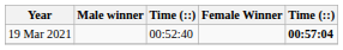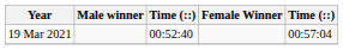 <table class="wikitable sortable">
 <tr>
 <th>Year</th>
 <th>Male winner</th>
 <th>Time (::)</th>
 <th>Female Winner</th>
 <th>Time (::)</th>
 </tr>
 <tr>
 <td>19 Mar 2021</td>
 <td></td>
 <td>00:52:40</td>
 <td></td>
-<td><strong>00:57:04</strong></td>
+<td>00:57:04</td>
 </tr>
 <tr>
 </tr>
 </table>
